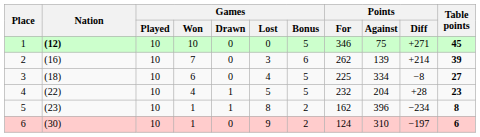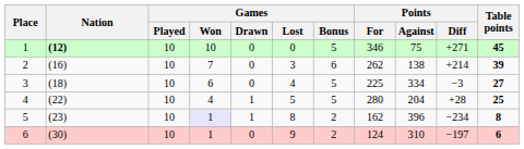 <table class="wikitable" style="text-align:center">
 <tr>
 <th rowspan=2 width="8%">Place</th>
 <th rowspan=2 width="20%">Nation</th>
 <th colspan=5 width="40%">Games</th>
 <th colspan=3 width="24%">Points</th>
 <th rowspan=2 width="10%">Table<br>points</th>
 </tr>
 <tr>
 <th width="8%">Played</th>
 <th width="8%">Won</th>
 <th width="8%">Drawn</th>
 <th width="8%">Lost</th>
 <th width="8%">Bonus</th>
 <th width="8%">For</th>
 <th width="8%">Against</th>
 <th width="8%">Diff</th>
 </tr>
 <tr bgcolor="#ccffcc">
 <td>1</td>
 <td align=left><strong> (12)</strong></td>
 <td>10</td>
 <td>10</td>
 <td>0</td>
 <td>0</td>
 <td>5</td>
 <td>346</td>
 <td>75</td>
 <td>+271</td>
 <td><strong>45</strong></td>
 </tr>
 <tr>
 <td>2</td>
 <td align=left> (16)</td>
 <td>10</td>
 <td>7</td>
 <td>0</td>
 <td>3</td>
 <td>6</td>
 <td>262</td>
-<td>139</td>
+<td>138</td>
 <td>+214</td>
 <td><strong>39</strong></td>
 </tr>
 <tr>
 <td>3</td>
 <td align=left> (18)</td>
 <td>10</td>
 <td>6</td>
 <td>0</td>
 <td>4</td>
 <td>5</td>
 <td>225</td>
 <td>334</td>
-<td>−8</td>
+<td>−3</td>
 <td><strong>27</strong></td>
 </tr>
 <tr>
 <td>4</td>
 <td align=left> (22)</td>
 <td>10</td>
 <td>4</td>
 <td>1</td>
 <td>5</td>
 <td>5</td>
-<td>232</td>
+<td>280</td>
 <td>204</td>
 <td>+28</td>
-<td><strong>23</strong></td>
+<td><strong>25</strong></td>
 </tr>
 <tr>
 <td>5</td>
 <td align=left> (23)</td>
 <td>10</td>
-<td>1</td>
+<td style="background: lavender;">1</td>
 <td>1</td>
 <td>8</td>
 <td>2</td>
 <td>162</td>
 <td>396</td>
 <td>−234</td>
 <td><strong>8</strong></td>
 </tr>
 <tr bgcolor=#FFCCCC>
 <td>6</td>
 <td align=left> (30)</td>
 <td>10</td>
 <td>1</td>
 <td>0</td>
 <td>9</td>
 <td>2</td>
 <td>124</td>
 <td>310</td>
 <td>−197</td>
 <td><strong>6</strong></td>
 </tr>
 </table>
